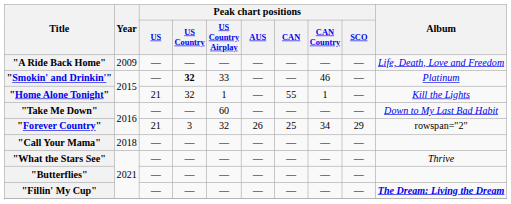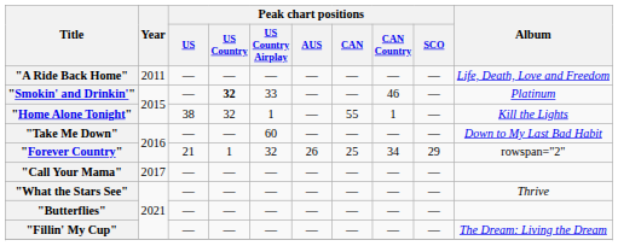 <table class="wikitable plainrowheaders" style="text-align:center;">
 <tr>
 <th rowspan="2">Title</th>
 <th rowspan="2">Year</th>
 <th colspan="7">Peak chart positions</th>
 <th rowspan="2">Album</th>
 </tr>
 <tr style="font-size:smaller;">
 <th style="width:3.5em;"><a href='#'>US</a></th>
 <th style="width:3.5em;"><a href='#'>US Country</a></th>
 <th style="width:3.5em;"><a href='#'>US Country Airplay</a></th>
 <th style="width:3.5em;"><a href='#'>AUS</a></th>
 <th style="width:3.5em;"><a href='#'>CAN</a></th>
 <th style="width:3.5em;"><a href='#'>CAN Country</a></th>
 <th style="width:3.5em;"><a href='#'>SCO</a></th>
 </tr>
 <tr>
 <th scope="row">"A Ride Back Home"<br></th>
-<td>2009</td>
+<td>2011</td>
 <td>—</td>
 <td>—</td>
 <td>—</td>
 <td>—</td>
 <td>—</td>
 <td>—</td>
 <td>—</td>
 <td><em><a href='#'>Life, Death, Love and Freedom</a></em></td>
 </tr>
 <tr>
 <th scope="row">"<a href='#'>Smokin' and Drinkin'</a>"<br></th>
 <td rowspan="2">2015</td>
 <td>—</td>
 <td><strong>32</strong></td>
 <td>33</td>
 <td>—</td>
 <td>—</td>
 <td>46</td>
 <td>—</td>
 <td><em><a href='#'>Platinum</a></em></td>
 </tr>
 <tr>
 <th scope="row">"<a href='#'>Home Alone Tonight</a>"<br></th>
-<td>21</td>
+<td>38</td>
 <td>32</td>
 <td>1</td>
 <td>—</td>
 <td>55</td>
 <td>1</td>
 <td>—</td>
 <td><em><a href='#'>Kill the Lights</a></em></td>
 </tr>
 <tr>
 <th scope="row">"Take Me Down"<br></th>
 <td rowspan=2>2016</td>
 <td>—</td>
 <td>—</td>
 <td>60</td>
 <td>—</td>
 <td>—</td>
 <td>—</td>
 <td>—</td>
 <td><em><a href='#'>Down to My Last Bad Habit</a></em></td>
 </tr>
 <tr>
 <th scope="row">"<a href='#'>Forever Country</a>"<br></th>
 <td>21</td>
-<td>3</td>
+<td>1</td>
 <td>32</td>
 <td>26</td>
 <td>25</td>
 <td>34</td>
 <td>29</td>
 <td>rowspan="2" </td>
 </tr>
 <tr>
 <th scope="row">"Call Your Mama"<br></th>
-<td>2018</td>
+<td>2017</td>
 <td>—</td>
 <td>—</td>
 <td>—</td>
 <td>—</td>
 <td>—</td>
 <td>—</td>
 <td>—</td>
 </tr>
 <tr>
 <th scope="row">"What the Stars See"<br></th>
 <td rowspan=3>2021</td>
 <td>—</td>
 <td>—</td>
 <td>—</td>
 <td>—</td>
 <td>—</td>
 <td>—</td>
 <td>—</td>
 <td><em>Thrive</em></td>
 </tr>
 <tr>
 <th scope="row">"Butterflies"<br></th>
 <td>—</td>
 <td>—</td>
 <td>—</td>
 <td>—</td>
 <td>—</td>
 <td>—</td>
 <td>—</td>
 <td></td>
 </tr>
 <tr>
 <th scope="row">"Fillin' My Cup"<br></th>
 <td>—</td>
 <td>—</td>
 <td>—</td>
 <td>—</td>
 <td>—</td>
 <td>—</td>
 <td>—</td>
-<td><strong><em><a href='#'>The Dream: Living the Dream</a></em></strong></td>
+<td><em><a href='#'>The Dream: Living the Dream</a></em></td>
 </tr>
 <tr>
 </tr>
 <tr | colspan="20" style="font-size:8pt"| "—" denotes a recording that did not chart or was not released in that territory>
 </tr>
 <tr>
 </tr>
 </table>
